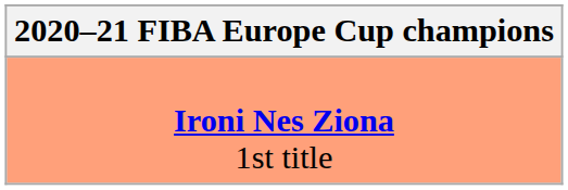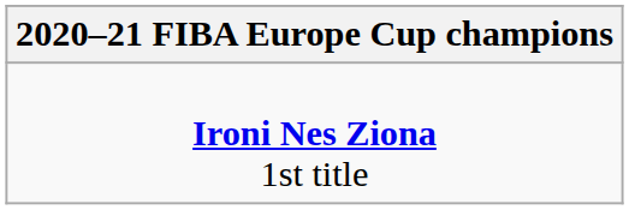 <table class=wikitable style="text-align:center; margin:auto">
 <tr>
 <th>2020–21 FIBA Europe Cup champions</th>
 </tr>
 <tr>
-<td style="background: lightsalmon;"><br> <strong><a href='#'>Ironi Nes Ziona</a></strong><br>1st title</td>
+<td><br> <strong><a href='#'>Ironi Nes Ziona</a></strong><br>1st title</td>
 </tr>
 </table>
